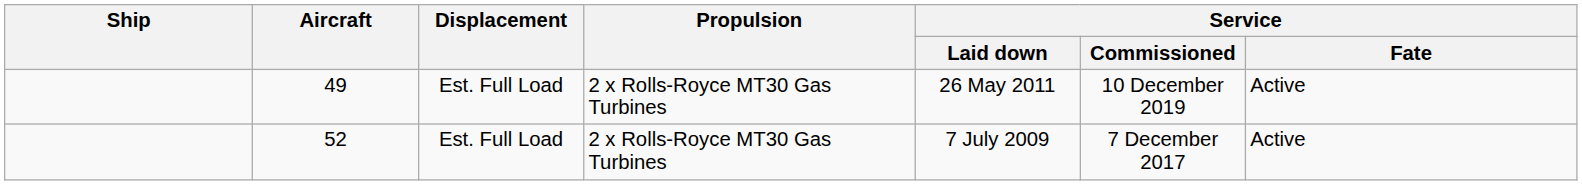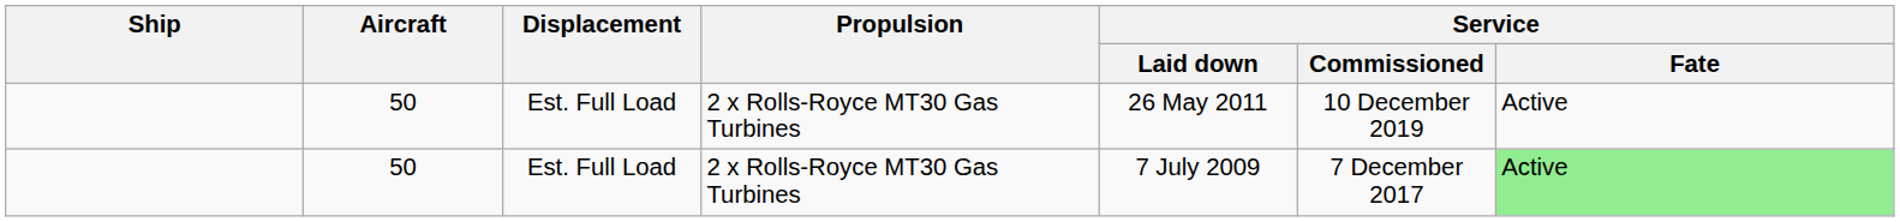 <table class="wikitable" style="width:98%;">
 <tr valign="top"|- valign="top">
 <th style="width:15%; text-align:center;" rowspan="2">Ship</th>
 <th style="width:10%; text-align:center;" rowspan="2">Aircraft</th>
 <th style="width:10%; text-align:center;" rowspan="2">Displacement</th>
 <th style="width:20%; text-align:center;" rowspan="2">Propulsion</th>
 <th style="width:40%; text-align:center;" colspan="3">Service</th>
 </tr>
 <tr valign="top">
 <th style="width:10%; text-align:center;">Laid down</th>
 <th style="width:10%; text-align:center;">Commissioned</th>
 <th style="width:20%; text-align:center;">Fate</th>
 </tr>
 <tr valign="top">
 <td align= left></td>
-<td style="text-align:center;">49<br></td>
+<td style="text-align:center;">50<br></td>
 <td style="text-align:center;">Est.  Full Load</td>
 <td align= left>2 x Rolls-Royce MT30 Gas Turbines<br></td>
 <td style="text-align:center;">26 May 2011</td>
 <td style="text-align:center;">10 December 2019</td>
 <td align= left>Active</td>
 </tr>
 <tr valign="top">
 <td align= left></td>
-<td style="text-align:center;">52<br></td>
+<td style="text-align:center;">50<br></td>
 <td style="text-align:center;">Est.  Full Load</td>
 <td align= left>2 x Rolls-Royce MT30 Gas Turbines<br></td>
 <td style="text-align:center;">7 July 2009</td>
 <td style="text-align:center;">7 December 2017</td>
-<td align= left>Active</td>
+<td align= left style="background: lightgreen;">Active</td>
 </tr>
 </table>
